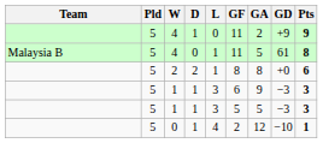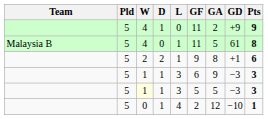 <table class="wikitable" style="text-align: center;">
 <tr>
 <th width=175>Team</th>
 <th width=20>Pld</th>
 <th width=20>W</th>
 <th width=20>D</th>
 <th width=20>L</th>
 <th width=20>GF</th>
 <th width=20>GA</th>
 <th width=20>GD</th>
 <th width=20>Pts</th>
 </tr>
 <tr bgcolor=ccffcc>
 <td style="text-align:left;"></td>
 <td>5</td>
 <td>4</td>
 <td>1</td>
 <td>0</td>
 <td>11</td>
 <td>2</td>
 <td>+9</td>
 <td><strong>9</strong></td>
 </tr>
 <tr bgcolor=ccffcc>
 <td style="text-align:left;"> Malaysia B</td>
 <td>5</td>
 <td>4</td>
 <td>0</td>
 <td>1</td>
 <td>11</td>
 <td>5</td>
 <td>61</td>
 <td><strong>8</strong></td>
 </tr>
 <tr>
 <td style="text-align:left;"></td>
 <td>5</td>
 <td>2</td>
 <td>2</td>
 <td>1</td>
+<td>9</td>
 <td>8</td>
-<td>8</td>
-<td>+0</td>
+<td>+1</td>
 <td><strong>6</strong></td>
 </tr>
 <tr>
 <td style="text-align:left;"></td>
 <td>5</td>
 <td>1</td>
 <td>1</td>
 <td>3</td>
 <td>6</td>
 <td>9</td>
 <td>−3</td>
 <td><strong>3</strong></td>
 </tr>
 <tr>
 <td style="text-align:left;"></td>
 <td>5</td>
-<td>1</td>
+<td style="background: lightyellow;">1</td>
 <td>1</td>
 <td>3</td>
 <td>5</td>
 <td>5</td>
 <td>−3</td>
 <td><strong>3</strong></td>
 </tr>
 <tr>
 <td style="text-align:left;"></td>
 <td>5</td>
 <td>0</td>
 <td>1</td>
 <td>4</td>
 <td>2</td>
 <td>12</td>
 <td>−10</td>
 <td><strong>1</strong></td>
 </tr>
 </table>
